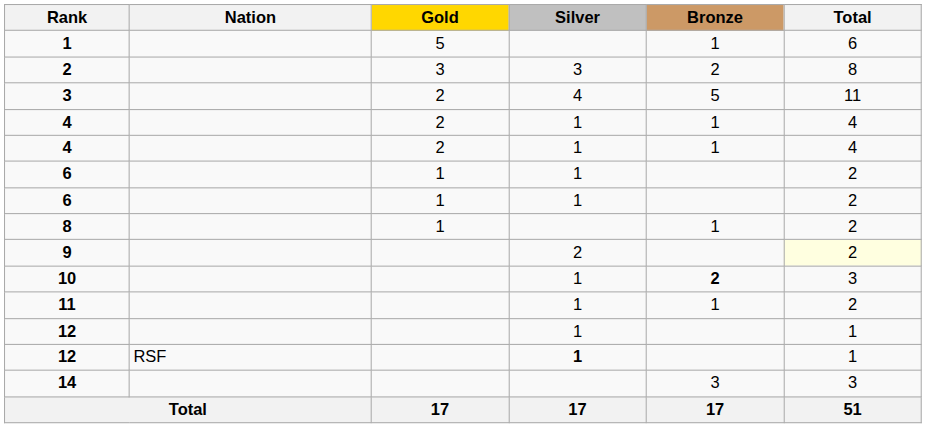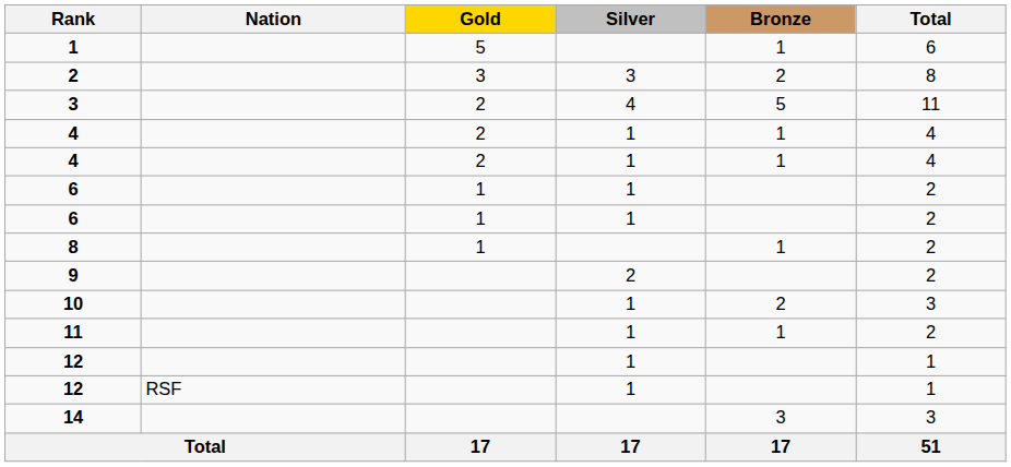 <table class="wikitable collapsible autocollapse plainrowheaders" width=70.5% style="text-align:center;">
 <tr style="background-color:#EDEDED;">
 <th width=100px class="hintergrundfarbe5">Rank</th>
 <th width=200px class="hintergrundfarbe6">Nation</th>
 <th style="background:    gold; width:15%">Gold</th>
 <th style="background:  silver; width:15%">Silver</th>
 <th style="background: #CC9966; width:15%">Bronze</th>
 <th class="hintergrundfarbe6" style="width:15%">Total</th>
 </tr>
 <tr>
 <td><strong>1</strong></td>
 <td align=left></td>
 <td>5</td>
 <td></td>
 <td>1</td>
 <td>6</td>
 </tr>
 <tr>
 <td><strong>2</strong></td>
 <td align=left></td>
 <td>3</td>
 <td>3</td>
 <td>2</td>
 <td>8</td>
 </tr>
 <tr>
 <td><strong>3</strong></td>
 <td align=left></td>
 <td>2</td>
 <td>4</td>
 <td>5</td>
 <td>11</td>
 </tr>
 <tr>
 <td><strong>4</strong></td>
 <td align=left></td>
 <td>2</td>
 <td>1</td>
 <td>1</td>
 <td>4</td>
 </tr>
 <tr>
 <td><strong>4</strong></td>
 <td align=left></td>
 <td>2</td>
 <td>1</td>
 <td>1</td>
 <td>4</td>
 </tr>
 <tr>
 <td><strong>6</strong></td>
 <td align=left></td>
 <td>1</td>
 <td>1</td>
 <td></td>
 <td>2</td>
 </tr>
 <tr>
 <td><strong>6</strong></td>
 <td align=left></td>
 <td>1</td>
 <td>1</td>
 <td></td>
 <td>2</td>
 </tr>
 <tr>
 <td><strong>8</strong></td>
 <td align=left></td>
 <td>1</td>
 <td></td>
 <td>1</td>
 <td>2</td>
 </tr>
 <tr>
 <td><strong>9</strong></td>
 <td align=left></td>
 <td></td>
 <td>2</td>
 <td></td>
-<td style="background: lightyellow;">2</td>
+<td>2</td>
 </tr>
 <tr>
 <td><strong>10</strong></td>
 <td align=left></td>
 <td></td>
 <td>1</td>
-<td><strong>2</strong></td>
+<td>2</td>
 <td>3</td>
 </tr>
 <tr>
 <td><strong>11</strong></td>
 <td align=left></td>
 <td></td>
 <td>1</td>
 <td>1</td>
 <td>2</td>
 </tr>
 <tr>
 <td><strong>12</strong></td>
 <td align=left></td>
 <td></td>
 <td>1</td>
 <td></td>
 <td>1</td>
 </tr>
 <tr>
 <td><strong>12</strong></td>
 <td align=left>RSF</td>
 <td></td>
-<td><strong>1</strong></td>
+<td>1</td>
 <td></td>
 <td>1</td>
 </tr>
 <tr>
 <td><strong>14</strong></td>
 <td align=left></td>
 <td></td>
 <td></td>
 <td>3</td>
 <td>3</td>
 </tr>
 <tr>
 <th colspan=2>Total</th>
 <th>17</th>
 <th>17</th>
 <th>17</th>
 <th>51</th>
 </tr>
 </table>
